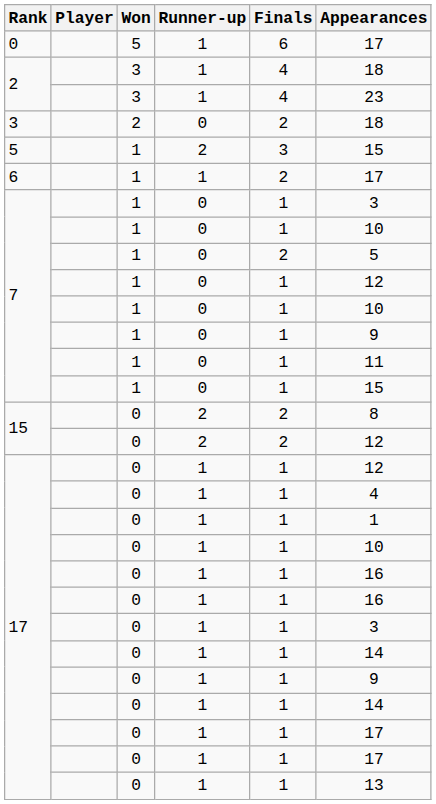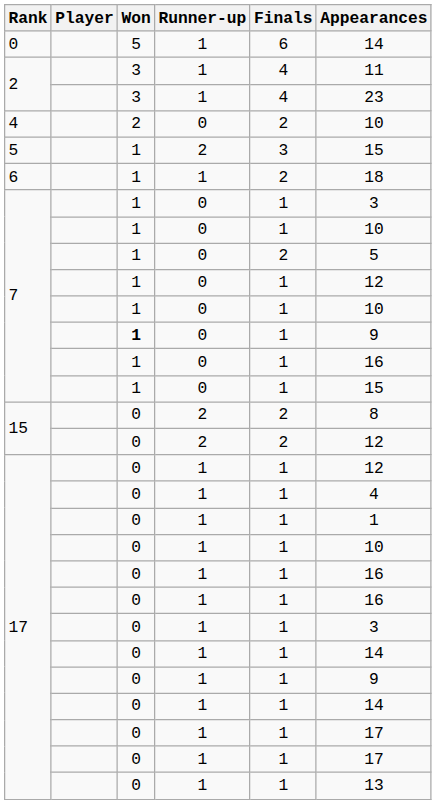 <table class="wikitable sortable">
 <tr>
 <th>Rank</th>
 <th>Player</th>
 <th>Won</th>
 <th>Runner-up</th>
 <th>Finals</th>
 <th>Appearances</th>
 </tr>
 <tr>
 <td rowspan="1">0</td>
 <td></td>
 <td align=center>5</td>
 <td align=center>1</td>
 <td align=center>6</td>
-<td align=center>17</td>
+<td align=center>14</td>
 </tr>
 <tr>
 <td rowspan="2">2</td>
 <td></td>
 <td align=center>3</td>
 <td align=center>1</td>
 <td align=center>4</td>
-<td align=center>18</td>
+<td align=center>11</td>
 </tr>
 <tr>
 <td></td>
 <td align=center>3</td>
 <td align=center>1</td>
 <td align=center>4</td>
 <td align=center>23</td>
 </tr>
 <tr>
-<td rowspan="1">3</td>
+<td rowspan="1">4</td>
 <td></td>
 <td align=center>2</td>
 <td align=center>0</td>
 <td align=center>2</td>
-<td align=center>18</td>
+<td align=center>10</td>
 </tr>
 <tr>
 <td rowspan="1">5</td>
 <td></td>
 <td align=center>1</td>
 <td align=center>2</td>
 <td align=center>3</td>
 <td align=center>15</td>
 </tr>
 <tr>
 <td rowspan="1">6</td>
 <td></td>
 <td align=center>1</td>
 <td align=center>1</td>
 <td align=center>2</td>
-<td align=center>17</td>
+<td align=center>18</td>
 </tr>
 <tr>
 <td rowspan="8">7</td>
 <td></td>
 <td align=center>1</td>
 <td align=center>0</td>
 <td align=center>1</td>
 <td align=center>3</td>
 </tr>
 <tr>
 <td></td>
 <td align=center>1</td>
 <td align=center>0</td>
 <td align=center>1</td>
 <td align=center>10</td>
 </tr>
 <tr>
 <td></td>
 <td align=center>1</td>
 <td align=center>0</td>
 <td align=center>2</td>
 <td align=center>5</td>
 </tr>
 <tr>
 <td></td>
 <td align=center>1</td>
 <td align=center>0</td>
 <td align=center>1</td>
 <td align=center>12</td>
 </tr>
 <tr>
 <td></td>
 <td align=center>1</td>
 <td align=center>0</td>
 <td align=center>1</td>
 <td align=center>10</td>
 </tr>
 <tr>
 <td></td>
-<td align=center>1</td>
+<td align=center><strong>1</strong></td>
 <td align=center>0</td>
 <td align=center>1</td>
 <td align=center>9</td>
 </tr>
 <tr>
 <td></td>
 <td align=center>1</td>
 <td align=center>0</td>
 <td align=center>1</td>
-<td align=center>11</td>
+<td align=center>16</td>
 </tr>
 <tr>
 <td></td>
 <td align=center>1</td>
 <td align=center>0</td>
 <td align=center>1</td>
 <td align=center>15</td>
 </tr>
 <tr>
 <td rowspan="2">15</td>
 <td></td>
 <td align=center>0</td>
 <td align=center>2</td>
 <td align=center>2</td>
 <td align=center>8</td>
 </tr>
 <tr>
 <td></td>
 <td align=center>0</td>
 <td align=center>2</td>
 <td align=center>2</td>
 <td align=center>12</td>
 </tr>
 <tr>
 <td rowspan="13">17</td>
 <td></td>
 <td align=center>0</td>
 <td align=center>1</td>
 <td align=center>1</td>
 <td align=center>12</td>
 </tr>
 <tr>
 <td></td>
 <td align=center>0</td>
 <td align=center>1</td>
 <td align=center>1</td>
 <td align=center>4</td>
 </tr>
 <tr>
 <td></td>
 <td align=center>0</td>
 <td align=center>1</td>
 <td align=center>1</td>
 <td align=center>1</td>
 </tr>
 <tr>
 <td></td>
 <td align=center>0</td>
 <td align=center>1</td>
 <td align=center>1</td>
 <td align=center>10</td>
 </tr>
 <tr>
 <td></td>
 <td align=center>0</td>
 <td align=center>1</td>
 <td align=center>1</td>
 <td align=center>16</td>
 </tr>
 <tr>
 <td></td>
 <td align=center>0</td>
 <td align=center>1</td>
 <td align=center>1</td>
 <td align=center>16</td>
 </tr>
 <tr>
 <td></td>
 <td align=center>0</td>
 <td align=center>1</td>
 <td align=center>1</td>
 <td align=center>3</td>
 </tr>
 <tr>
 <td></td>
 <td align=center>0</td>
 <td align=center>1</td>
 <td align=center>1</td>
 <td align=center>14</td>
 </tr>
 <tr>
 <td></td>
 <td align=center>0</td>
 <td align=center>1</td>
 <td align=center>1</td>
 <td align=center>9</td>
 </tr>
 <tr>
 <td></td>
 <td align=center>0</td>
 <td align=center>1</td>
 <td align=center>1</td>
 <td align=center>14</td>
 </tr>
 <tr>
 <td></td>
 <td align=center>0</td>
 <td align=center>1</td>
 <td align=center>1</td>
 <td align=center>17</td>
 </tr>
 <tr>
 <td></td>
 <td align=center>0</td>
 <td align=center>1</td>
 <td align=center>1</td>
 <td align=center>17</td>
 </tr>
 <tr>
 <td></td>
 <td align=center>0</td>
 <td align=center>1</td>
 <td align=center>1</td>
 <td align=center>13</td>
 </tr>
 </table>
